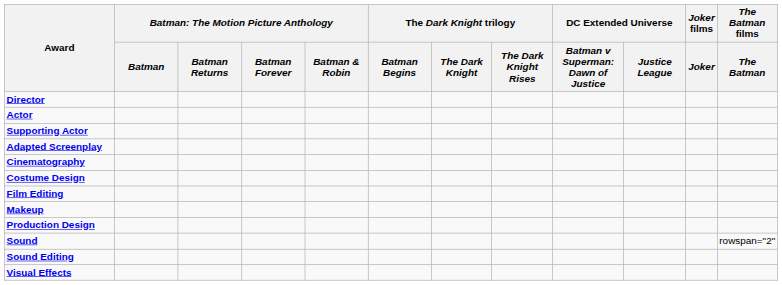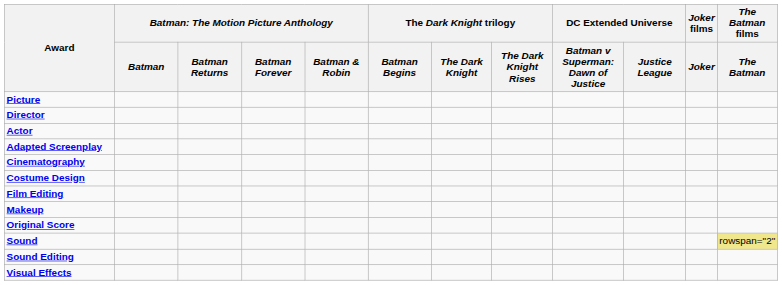 <table class="wikitable" style="margin:left;">
 <tr>
 <th style="width:214px;" rowspan="2">Award</th>
 <th colspan="4"><em>Batman: The Motion Picture Anthology</em></th>
 <th colspan="3">The <em>Dark Knight</em> trilogy</th>
 <th colspan="2">DC Extended Universe</th>
 <th><em>Joker</em> films</th>
 <th><em>The Batman</em> films</th>
 </tr>
 <tr>
 <th style="width:130px;"><em>Batman</em></th>
 <th style="width:130px;"><em>Batman Returns</em></th>
 <th style="width:130px;"><em>Batman Forever</em></th>
 <th style="width:130px;"><em>Batman & Robin</em></th>
 <th style="width:130px;"><em>Batman Begins</em></th>
 <th style="width:130px;"><em>The Dark Knight</em></th>
 <th style="width:130px;"><em>The Dark Knight Rises</em></th>
 <th style="width:130px;"><em>Batman v Superman: Dawn of Justice</em></th>
 <th style="width:130px;"><em>Justice League</em></th>
 <th><em>Joker</em></th>
 <th><em>The Batman</em></th>
 </tr>
 <tr>
+<td><a href='#'><strong>Picture</strong></a></td>
+<td></td>
+<td></td>
+<td></td>
+<td></td>
+<td></td>
+<td></td>
+<td></td>
+<td></td>
+<td></td>
+<td></td>
+<td></td>
+</tr>
+<tr>
 <td><a href='#'><strong>Director</strong></a></td>
 <td></td>
 <td></td>
 <td></td>
 <td></td>
 <td></td>
 <td></td>
 <td></td>
 <td></td>
 <td></td>
 <td></td>
 <td></td>
 </tr>
 <tr>
 <td><a href='#'><strong>Actor</strong></a></td>
-<td></td>
-<td></td>
-<td></td>
-<td></td>
-<td></td>
-<td></td>
-<td></td>
-<td></td>
-<td></td>
-<td></td>
-<td></td>
-</tr>
-<tr>
-<td><a href='#'><strong>Supporting Actor</strong></a></td>
 <td></td>
 <td></td>
 <td></td>
 <td></td>
 <td></td>
 <td></td>
 <td></td>
 <td></td>
 <td></td>
 <td></td>
 <td></td>
 </tr>
 <tr>
 <td><a href='#'><strong>Adapted Screenplay</strong></a></td>
 <td></td>
 <td></td>
 <td></td>
 <td></td>
 <td></td>
 <td></td>
 <td></td>
 <td></td>
 <td></td>
 <td></td>
 <td></td>
 </tr>
 <tr>
 <td><a href='#'><strong>Cinematography</strong></a></td>
 <td></td>
 <td></td>
 <td></td>
 <td></td>
 <td></td>
 <td></td>
 <td></td>
 <td></td>
 <td></td>
 <td></td>
 <td></td>
 </tr>
 <tr>
 <td><a href='#'><strong>Costume Design</strong></a></td>
 <td></td>
 <td></td>
 <td></td>
 <td></td>
 <td></td>
 <td></td>
 <td></td>
 <td></td>
 <td></td>
 <td></td>
 <td></td>
 </tr>
 <tr>
 <td><a href='#'><strong>Film Editing</strong></a></td>
 <td></td>
 <td></td>
 <td></td>
 <td></td>
 <td></td>
 <td></td>
 <td></td>
 <td></td>
 <td></td>
 <td></td>
 <td></td>
 </tr>
 <tr>
 <td><a href='#'><strong>Makeup</strong></a></td>
 <td></td>
 <td></td>
 <td></td>
 <td></td>
 <td></td>
 <td></td>
 <td></td>
 <td></td>
 <td></td>
 <td></td>
 <td></td>
 </tr>
 <tr>
-<td><a href='#'><strong>Production Design</strong></a></td>
+<td><a href='#'><strong>Original Score</strong></a></td>
 <td></td>
 <td></td>
 <td></td>
 <td></td>
 <td></td>
 <td></td>
 <td></td>
 <td></td>
 <td></td>
 <td></td>
 <td></td>
 </tr>
 <tr>
 <td><a href='#'><strong>Sound</strong></a></td>
 <td></td>
 <td></td>
 <td></td>
 <td></td>
 <td></td>
 <td></td>
 <td></td>
 <td></td>
 <td></td>
 <td></td>
-<td>rowspan="2" </td>
+<td style="background: khaki;">rowspan="2" </td>
 </tr>
 <tr>
 <td><a href='#'><strong>Sound Editing</strong></a></td>
 <td></td>
 <td></td>
 <td></td>
 <td></td>
 <td></td>
 <td></td>
 <td></td>
 <td></td>
 <td></td>
 <td></td>
 </tr>
 <tr>
 <td><a href='#'><strong>Visual Effects</strong></a></td>
 <td></td>
 <td></td>
 <td></td>
 <td></td>
 <td></td>
 <td></td>
 <td></td>
 <td></td>
 <td></td>
 <td></td>
 <td></td>
 </tr>
 </table>
